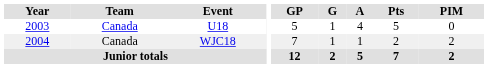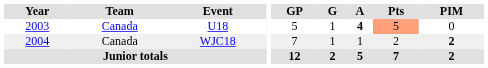 <table border="0" cellpadding="1" cellspacing="0" ID="Table3" style="text-align:center; width:40em">
 <tr bgcolor="#e0e0e0">
 <th>Year</th>
 <th>Team</th>
 <th>Event</th>
 <th rowspan="102" bgcolor="#ffffff"></th>
 <th>GP</th>
 <th>G</th>
 <th>A</th>
 <th>Pts</th>
 <th>PIM</th>
 </tr>
 <tr>
 <td><a href='#'>2003</a></td>
 <td><a href='#'>Canada</a></td>
 <td><a href='#'>U18</a></td>
 <td>5</td>
 <td>1</td>
-<td>4</td>
-<td>5</td>
+<td><strong>4</strong></td>
+<td style="background: lightsalmon;">5</td>
 <td>0</td>
 </tr>
 <tr bgcolor="#f0f0f0">
 <td><a href='#'>2004</a></td>
 <td>Canada</td>
 <td><a href='#'>WJC18</a></td>
 <td>7</td>
 <td>1</td>
 <td>1</td>
 <td>2</td>
-<td>2</td>
+<td><strong>2</strong></td>
 </tr>
 <tr bgcolor="#e0e0e0">
 <th colspan="3">Junior totals</th>
 <th>12</th>
 <th>2</th>
 <th>5</th>
 <th>7</th>
 <th>2</th>
 </tr>
 </table>
